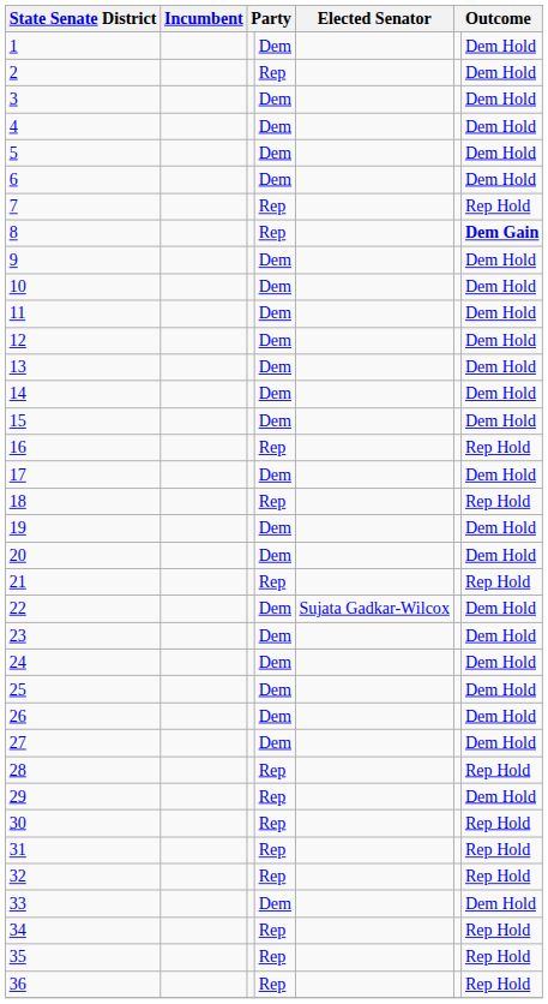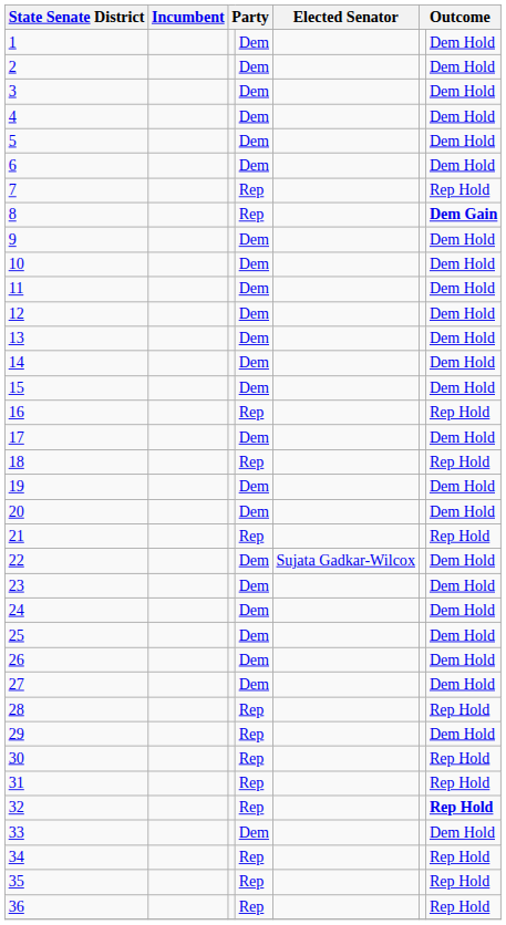 <table class="wikitable sortable">
 <tr>
 <th><a href='#'>State Senate</a> District</th>
 <th><a href='#'>Incumbent</a></th>
 <th colspan="2">Party</th>
 <th>Elected Senator</th>
 <th colspan="2">Outcome</th>
 </tr>
 <tr>
 <td><a href='#'>1</a></td>
 <td></td>
 <td style="background:"></td>
 <td><a href='#'>Dem</a></td>
 <td></td>
 <td style="background:"></td>
 <td><a href='#'>Dem Hold</a></td>
 </tr>
 <tr>
 <td><a href='#'>2</a></td>
 <td></td>
 <td style="background:"></td>
-<td><a href='#'>Rep</a></td>
+<td><a href='#'>Dem</a></td>
 <td></td>
 <td style="background:"></td>
 <td><a href='#'>Dem Hold</a></td>
 </tr>
 <tr>
 <td><a href='#'>3</a></td>
 <td></td>
 <td style="background:"></td>
 <td><a href='#'>Dem</a></td>
 <td></td>
 <td style="background:"></td>
 <td><a href='#'>Dem Hold</a></td>
 </tr>
 <tr>
 <td><a href='#'>4</a></td>
 <td></td>
 <td style="background:"></td>
 <td><a href='#'>Dem</a></td>
 <td></td>
 <td style="background:"></td>
 <td><a href='#'>Dem Hold</a></td>
 </tr>
 <tr>
 <td><a href='#'>5</a></td>
 <td></td>
 <td style="background:"></td>
 <td><a href='#'>Dem</a></td>
 <td></td>
 <td style="background:"></td>
 <td><a href='#'>Dem Hold</a></td>
 </tr>
 <tr>
 <td><a href='#'>6</a></td>
 <td></td>
 <td style="background:"></td>
 <td><a href='#'>Dem</a></td>
 <td></td>
 <td style="background:"></td>
 <td><a href='#'>Dem Hold</a></td>
 </tr>
 <tr>
 <td><a href='#'>7</a></td>
 <td></td>
 <td style="background:"></td>
 <td><a href='#'>Rep</a></td>
 <td></td>
 <td style="background:"></td>
 <td><a href='#'>Rep Hold</a></td>
 </tr>
 <tr>
 <td><a href='#'>8</a></td>
 <td></td>
 <td style="background:"></td>
 <td><a href='#'>Rep</a></td>
 <td><strong></strong></td>
 <td style="background:"></td>
 <td><strong><a href='#'>Dem Gain</a></strong></td>
 </tr>
 <tr>
 <td><a href='#'>9</a></td>
 <td></td>
 <td style="background:"></td>
 <td><a href='#'>Dem</a></td>
 <td></td>
 <td style="background:"></td>
 <td><a href='#'>Dem Hold</a></td>
 </tr>
 <tr>
 <td><a href='#'>10</a></td>
 <td></td>
 <td style="background:"></td>
 <td><a href='#'>Dem</a></td>
 <td></td>
 <td style="background:"></td>
 <td><a href='#'>Dem Hold</a></td>
 </tr>
 <tr>
 <td><a href='#'>11</a></td>
 <td></td>
 <td style="background:"></td>
 <td><a href='#'>Dem</a></td>
 <td></td>
 <td style="background:"></td>
 <td><a href='#'>Dem Hold</a></td>
 </tr>
 <tr>
 <td><a href='#'>12</a></td>
 <td></td>
 <td style="background:"></td>
 <td><a href='#'>Dem</a></td>
 <td></td>
 <td style="background:"></td>
 <td><a href='#'>Dem Hold</a></td>
 </tr>
 <tr>
 <td><a href='#'>13</a></td>
 <td></td>
 <td style="background:"></td>
 <td><a href='#'>Dem</a></td>
 <td></td>
 <td style="background:"></td>
 <td><a href='#'>Dem Hold</a></td>
 </tr>
 <tr>
 <td><a href='#'>14</a></td>
 <td></td>
 <td style="background:"></td>
 <td><a href='#'>Dem</a></td>
 <td></td>
 <td style="background:"></td>
 <td><a href='#'>Dem Hold</a></td>
 </tr>
 <tr>
 <td><a href='#'>15</a></td>
 <td></td>
 <td style="background:"></td>
 <td><a href='#'>Dem</a></td>
 <td></td>
 <td style="background:"></td>
 <td><a href='#'>Dem Hold</a></td>
 </tr>
 <tr>
 <td><a href='#'>16</a></td>
 <td></td>
 <td style="background:"></td>
 <td><a href='#'>Rep</a></td>
 <td></td>
 <td style="background:"></td>
 <td><a href='#'>Rep Hold</a></td>
 </tr>
 <tr>
 <td><a href='#'>17</a></td>
 <td></td>
 <td style="background:"></td>
 <td><a href='#'>Dem</a></td>
 <td></td>
 <td style="background:"></td>
 <td><a href='#'>Dem Hold</a></td>
 </tr>
 <tr>
 <td><a href='#'>18</a></td>
 <td></td>
 <td style="background:"></td>
 <td><a href='#'>Rep</a></td>
 <td></td>
 <td style="background:"></td>
 <td><a href='#'>Rep Hold</a></td>
 </tr>
 <tr>
 <td><a href='#'>19</a></td>
 <td></td>
 <td style="background:"></td>
 <td><a href='#'>Dem</a></td>
 <td></td>
 <td style="background:"></td>
 <td><a href='#'>Dem Hold</a></td>
 </tr>
 <tr>
 <td><a href='#'>20</a></td>
 <td></td>
 <td style="background:"></td>
 <td><a href='#'>Dem</a></td>
 <td></td>
 <td style="background:"></td>
 <td><a href='#'>Dem Hold</a></td>
 </tr>
 <tr>
 <td><a href='#'>21</a></td>
 <td></td>
 <td style="background:"></td>
 <td><a href='#'>Rep</a></td>
 <td></td>
 <td style="background:"></td>
 <td><a href='#'>Rep Hold</a></td>
 </tr>
 <tr>
 <td><a href='#'>22</a></td>
 <td></td>
 <td style="background:"></td>
 <td><a href='#'>Dem</a></td>
 <td><a href='#'>Sujata Gadkar-Wilcox</a></td>
 <td style="background:"></td>
 <td><a href='#'>Dem Hold</a></td>
 </tr>
 <tr>
 <td><a href='#'>23</a></td>
 <td></td>
 <td style="background:"></td>
 <td><a href='#'>Dem</a></td>
 <td></td>
 <td style="background:"></td>
 <td><a href='#'>Dem Hold</a></td>
 </tr>
 <tr>
 <td><a href='#'>24</a></td>
 <td></td>
 <td style="background:"></td>
 <td><a href='#'>Dem</a></td>
 <td></td>
 <td style="background:"></td>
 <td><a href='#'>Dem Hold</a></td>
 </tr>
 <tr>
 <td><a href='#'>25</a></td>
 <td></td>
 <td style="background:"></td>
 <td><a href='#'>Dem</a></td>
 <td></td>
 <td style="background:"></td>
 <td><a href='#'>Dem Hold</a></td>
 </tr>
 <tr>
 <td><a href='#'>26</a></td>
 <td></td>
 <td style="background:"></td>
 <td><a href='#'>Dem</a></td>
 <td></td>
 <td style="background:"></td>
 <td><a href='#'>Dem Hold</a></td>
 </tr>
 <tr>
 <td><a href='#'>27</a></td>
 <td></td>
 <td style="background:"></td>
 <td><a href='#'>Dem</a></td>
 <td></td>
 <td style="background:"></td>
 <td><a href='#'>Dem Hold</a></td>
 </tr>
 <tr>
 <td><a href='#'>28</a></td>
 <td></td>
 <td style="background:"></td>
 <td><a href='#'>Rep</a></td>
 <td></td>
 <td style="background:"></td>
 <td><a href='#'>Rep Hold</a></td>
 </tr>
 <tr>
 <td><a href='#'>29</a></td>
 <td></td>
 <td style="background:"></td>
 <td><a href='#'>Rep</a></td>
 <td></td>
 <td style="background:"></td>
 <td><a href='#'>Dem Hold</a></td>
 </tr>
 <tr>
 <td><a href='#'>30</a></td>
 <td></td>
 <td style="background:"></td>
 <td><a href='#'>Rep</a></td>
 <td></td>
 <td style="background:"></td>
 <td><a href='#'>Rep Hold</a></td>
 </tr>
 <tr>
 <td><a href='#'>31</a></td>
 <td></td>
 <td style="background:"></td>
 <td><a href='#'>Rep</a></td>
 <td></td>
 <td style="background:"></td>
 <td><a href='#'>Rep Hold</a></td>
 </tr>
 <tr>
 <td><a href='#'>32</a></td>
 <td></td>
 <td style="background:"></td>
 <td><a href='#'>Rep</a></td>
 <td></td>
 <td style="background:"></td>
-<td><a href='#'>Rep Hold</a></td>
+<td><strong><a href='#'>Rep Hold</a></strong></td>
 </tr>
 <tr>
 <td><a href='#'>33</a></td>
 <td></td>
 <td style="background:"></td>
 <td><a href='#'>Dem</a></td>
 <td></td>
 <td style="background:"></td>
 <td><a href='#'>Dem Hold</a></td>
 </tr>
 <tr>
 <td><a href='#'>34</a></td>
 <td></td>
 <td style="background:"></td>
 <td><a href='#'>Rep</a></td>
 <td></td>
 <td style="background:"></td>
 <td><a href='#'>Rep Hold</a></td>
 </tr>
 <tr>
 <td><a href='#'>35</a></td>
 <td></td>
 <td style="background:"></td>
 <td><a href='#'>Rep</a></td>
 <td></td>
 <td style="background:"></td>
 <td><a href='#'>Rep Hold</a></td>
 </tr>
 <tr>
 <td><a href='#'>36</a></td>
 <td></td>
 <td style="background:"></td>
 <td><a href='#'>Rep</a></td>
 <td></td>
 <td style="background:"></td>
 <td><a href='#'>Rep Hold</a></td>
 </tr>
 <tr>
 </tr>
 </table>
